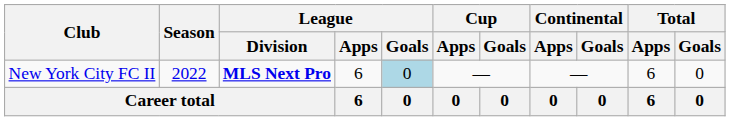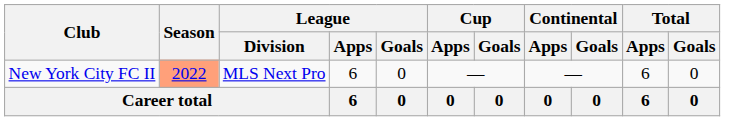 <table class="wikitable" style="text-align:center">
 <tr>
 <th rowspan="2">Club</th>
 <th rowspan="2">Season</th>
 <th colspan="3">League</th>
 <th colspan="2">Cup</th>
 <th colspan="2">Continental</th>
 <th colspan="2">Total</th>
 </tr>
 <tr>
 <th>Division</th>
 <th>Apps</th>
 <th>Goals</th>
 <th>Apps</th>
 <th>Goals</th>
 <th>Apps</th>
 <th>Goals</th>
 <th>Apps</th>
 <th>Goals</th>
 </tr>
 <tr>
 <td><a href='#'>New York City FC II</a></td>
-<td><a href='#'>2022</a></td>
-<td><strong><a href='#'>MLS Next Pro</a></strong></td>
+<td style="background: lightsalmon;"><a href='#'>2022</a></td>
+<td><a href='#'>MLS Next Pro</a></td>
 <td>6</td>
-<td style="background: lightblue;">0</td>
+<td>0</td>
 <td colspan=2>—</td>
 <td colspan=2>—</td>
 <td>6</td>
 <td>0</td>
 </tr>
 <tr>
 <th colspan="3">Career total</th>
 <th>6</th>
 <th>0</th>
 <th>0</th>
 <th>0</th>
 <th>0</th>
 <th>0</th>
 <th>6</th>
 <th>0</th>
 </tr>
 </table>
